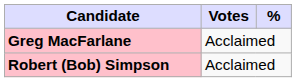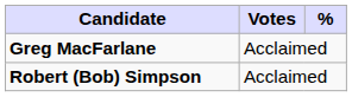 <table class="wikitable">
 <tr>
 <th style="background:#ddf; width:200px;">Candidate</th>
 <th style="background:#ddf; width:50px;">Votes</th>
 <th style="background:#ddf; width:30px;">%</th>
 </tr>
 <tr>
-<td style="background: pink;"><strong>Greg MacFarlane</strong></td>
+<td><strong>Greg MacFarlane</strong></td>
 <td colspan="2">Acclaimed</td>
 </tr>
 <tr>
-<td style="background: pink;"><strong>Robert (Bob) Simpson</strong></td>
+<td><strong>Robert (Bob) Simpson</strong></td>
 <td colspan="2">Acclaimed</td>
 </tr>
 </table>
